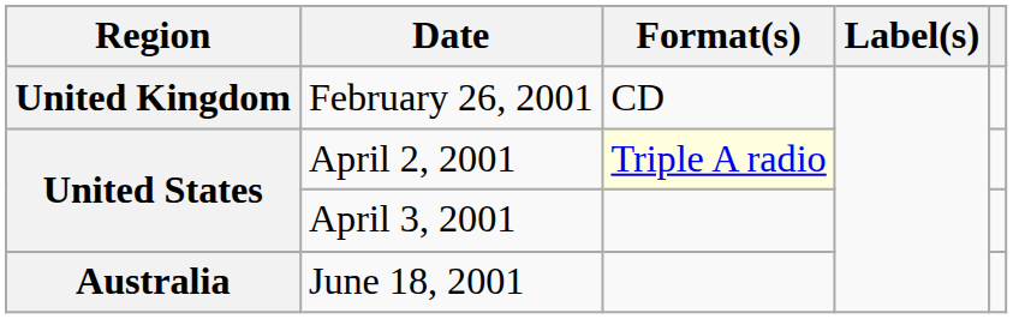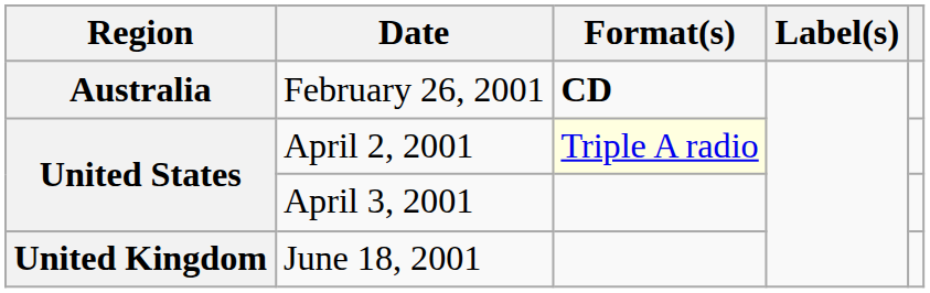 <table class="wikitable plainrowheaders">
 <tr>
 <th scope="col">Region</th>
 <th scope="col">Date</th>
 <th scope="col">Format(s)</th>
 <th scope="col">Label(s)</th>
 <th scope="col"></th>
 </tr>
 <tr>
-<th scope="row">United Kingdom</th>
+<th scope="row">Australia</th>
 <td>February 26, 2001</td>
-<td>CD</td>
+<td><strong>CD</strong></td>
 <td rowspan="4"></td>
 <td></td>
 </tr>
 <tr>
 <th scope="row" rowspan="2">United States</th>
 <td>April 2, 2001</td>
 <td style="background: lightyellow;"><a href='#'>Triple A radio</a></td>
 <td></td>
 </tr>
 <tr>
 <td>April 3, 2001</td>
 <td></td>
 <td></td>
 </tr>
 <tr>
-<th scope="row">Australia</th>
+<th scope="row">United Kingdom</th>
 <td>June 18, 2001</td>
 <td></td>
 <td></td>
 </tr>
 </table>
